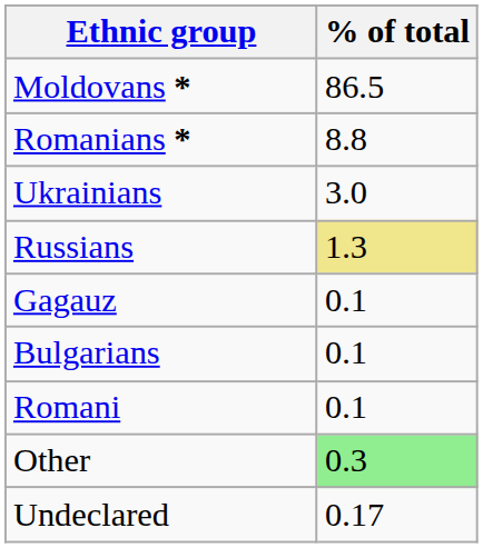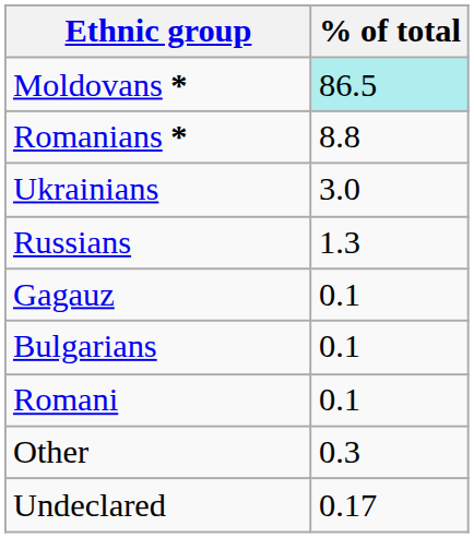 <table class="wikitable sortable">
 <tr>
 <th style="width:140px;"><a href='#'>Ethnic group</a></th>
 <th>% of total</th>
 </tr>
 <tr>
 <td><a href='#'>Moldovans</a> <strong>*</strong></td>
-<td>86.5</td>
+<td style="background: paleturquoise;">86.5</td>
 </tr>
 <tr>
 <td><a href='#'>Romanians</a> <strong>*</strong></td>
 <td>8.8</td>
 </tr>
 <tr>
 <td><a href='#'>Ukrainians</a></td>
 <td>3.0</td>
 </tr>
 <tr>
 <td><a href='#'>Russians</a></td>
-<td style="background: khaki;">1.3</td>
+<td>1.3</td>
 </tr>
 <tr>
 <td><a href='#'>Gagauz</a></td>
 <td>0.1</td>
 </tr>
 <tr>
 <td><a href='#'>Bulgarians</a></td>
 <td>0.1</td>
 </tr>
 <tr>
 <td><a href='#'>Romani</a></td>
 <td>0.1</td>
 </tr>
 <tr>
 <td>Other</td>
-<td style="background: lightgreen;">0.3</td>
+<td>0.3</td>
 </tr>
 <tr>
 <td>Undeclared</td>
 <td>0.17</td>
 </tr>
 </table>
